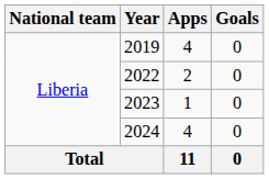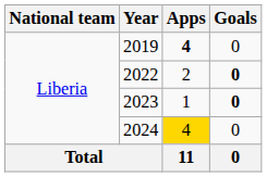 <table class="wikitable" style="text-align:center">
 <tr>
 <th>National team</th>
 <th>Year</th>
 <th>Apps</th>
 <th>Goals</th>
 </tr>
 <tr>
 <td rowspan="4"><a href='#'>Liberia</a></td>
 <td>2019</td>
-<td>4</td>
+<td><strong>4</strong></td>
 <td>0</td>
 </tr>
 <tr>
 <td>2022</td>
 <td>2</td>
-<td>0</td>
+<td><strong>0</strong></td>
 </tr>
 <tr>
 <td>2023</td>
 <td>1</td>
-<td>0</td>
+<td><strong>0</strong></td>
 </tr>
 <tr>
 <td>2024</td>
-<td>4</td>
+<td style="background: gold;">4</td>
 <td>0</td>
 </tr>
 <tr>
 <th colspan="2">Total</th>
 <th>11</th>
 <th>0</th>
 </tr>
 </table>
